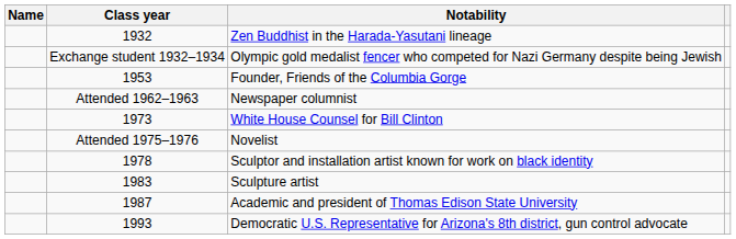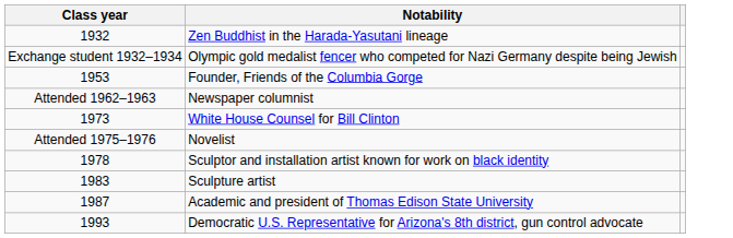 <table class="wikitable sortable" style="border:2px solid #">
 <tr>
-<th scope="col">Name</th>
 <th scope="col">Class year</th>
 <th scope="col">Notability</th>
 <th scope="col"></th>
 </tr>
 <tr>
-<td></td>
 <td style="text-align:center;">1932</td>
 <td><a href='#'>Zen Buddhist</a> in the <a href='#'>Harada-Yasutani</a> lineage</td>
 <td style="text-align:center;"></td>
 </tr>
 <tr>
-<td></td>
 <td style="text-align:center;">Exchange student 1932–1934</td>
 <td>Olympic gold medalist <a href='#'>fencer</a> who competed for Nazi Germany despite being Jewish</td>
 <td style="text-align:center;"></td>
 </tr>
 <tr>
-<td></td>
 <td style="text-align:center;">1953</td>
 <td>Founder, Friends of the <a href='#'>Columbia Gorge</a></td>
 <td style="text-align:center;"></td>
 </tr>
 <tr>
-<td></td>
 <td style="text-align:center;">Attended 1962–1963</td>
 <td>Newspaper columnist</td>
 <td style="text-align:center;"></td>
 </tr>
 <tr>
-<td></td>
 <td style="text-align:center;">1973</td>
 <td><a href='#'>White House Counsel</a> for <a href='#'>Bill Clinton</a></td>
 <td style="text-align:center;"></td>
 </tr>
 <tr>
-<td></td>
 <td style="text-align:center;">Attended 1975–1976</td>
 <td>Novelist</td>
 <td style="text-align:center;"></td>
 </tr>
 <tr>
-<td></td>
 <td style="text-align:center;">1978</td>
 <td>Sculptor and installation artist known for work on <a href='#'>black identity</a></td>
 <td style="text-align:center;"></td>
 </tr>
 <tr>
-<td></td>
 <td style="text-align:center;">1983</td>
 <td>Sculpture artist</td>
 <td style="text-align:center;"></td>
 </tr>
 <tr>
-<td></td>
 <td style="text-align:center;">1987</td>
 <td>Academic and president of <a href='#'>Thomas Edison State University</a></td>
 <td style="text-align:center;"></td>
 </tr>
 <tr>
-<td></td>
 <td style="text-align:center;">1993</td>
 <td>Democratic <a href='#'>U.S. Representative</a> for <a href='#'>Arizona's 8th district</a>, gun control advocate</td>
 <td style="text-align:center;"></td>
 </tr>
 </table>
